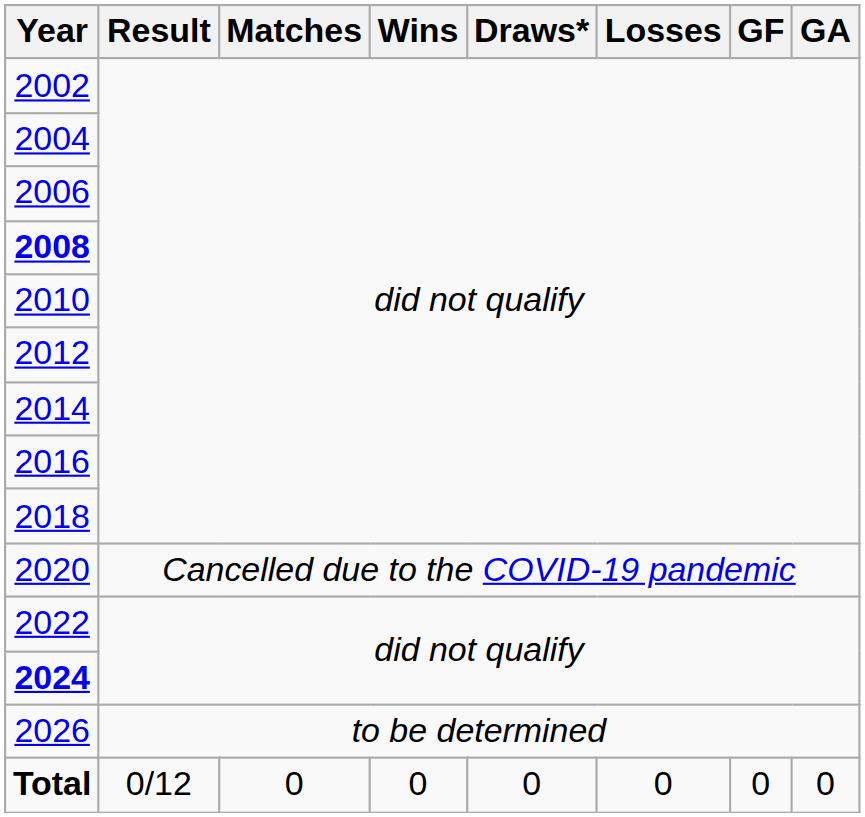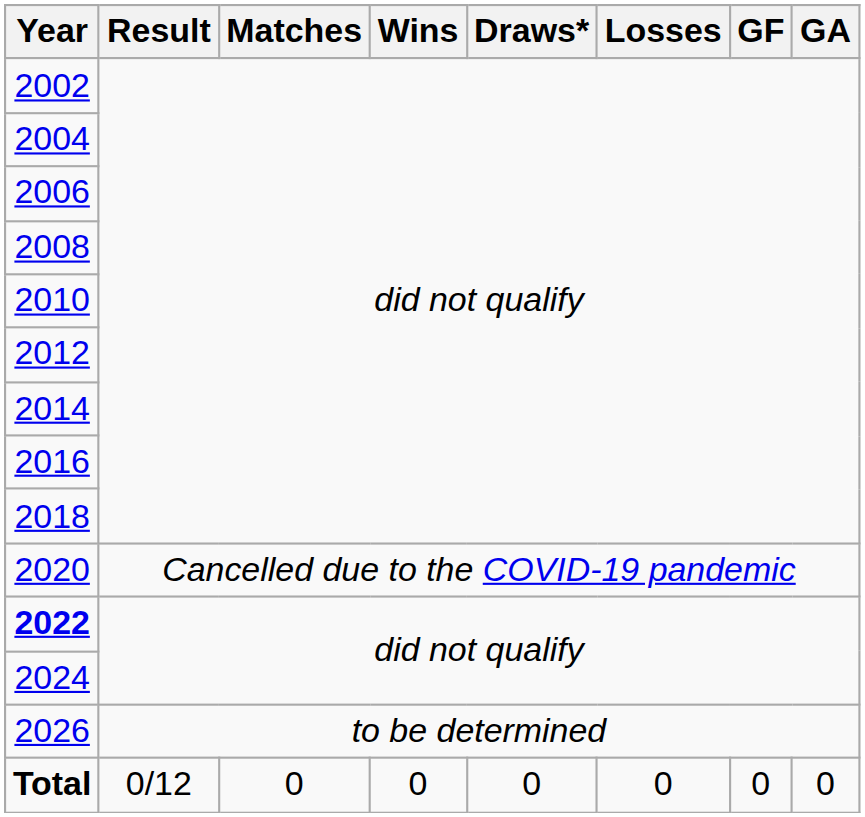 <table class="wikitable" style="text-align: center;">
 <tr>
 <th>Year</th>
 <th>Result</th>
 <th>Matches</th>
 <th>Wins</th>
 <th>Draws*</th>
 <th>Losses</th>
 <th>GF</th>
 <th>GA</th>
 </tr>
 <tr>
 <td> <a href='#'>2002</a></td>
 <td colspan=7 rowspan=9><em>did not qualify</em></td>
 </tr>
 <tr>
 <td> <a href='#'>2004</a></td>
 </tr>
 <tr>
 <td> <a href='#'>2006</a></td>
 </tr>
 <tr>
-<td><strong> <a href='#'>2008</a></strong></td>
+<td> <a href='#'>2008</a></td>
 </tr>
 <tr>
 <td> <a href='#'>2010</a></td>
 </tr>
 <tr>
 <td> <a href='#'>2012</a></td>
 </tr>
 <tr>
 <td> <a href='#'>2014</a></td>
 </tr>
 <tr>
 <td> <a href='#'>2016</a></td>
 </tr>
 <tr>
 <td> <a href='#'>2018</a></td>
 </tr>
 <tr>
 <td> <a href='#'>2020</a></td>
 <td colspan=7><em>Cancelled due to the <a href='#'>COVID-19 pandemic</a></em></td>
 </tr>
 <tr>
-<td> <a href='#'>2022</a></td>
+<td><strong> <a href='#'>2022</a></strong></td>
 <td colspan=7 rowspan=2><em>did not qualify</em></td>
 </tr>
 <tr>
-<td><strong> <a href='#'>2024</a></strong></td>
+<td> <a href='#'>2024</a></td>
 </tr>
 <tr>
 <td> <a href='#'>2026</a></td>
 <td colspan=7><em>to be determined</em></td>
 </tr>
 <tr>
 <td><strong>Total</strong></td>
 <td>0/12</td>
 <td>0</td>
 <td>0</td>
 <td>0</td>
 <td>0</td>
 <td>0</td>
 <td>0</td>
 </tr>
 </table>
